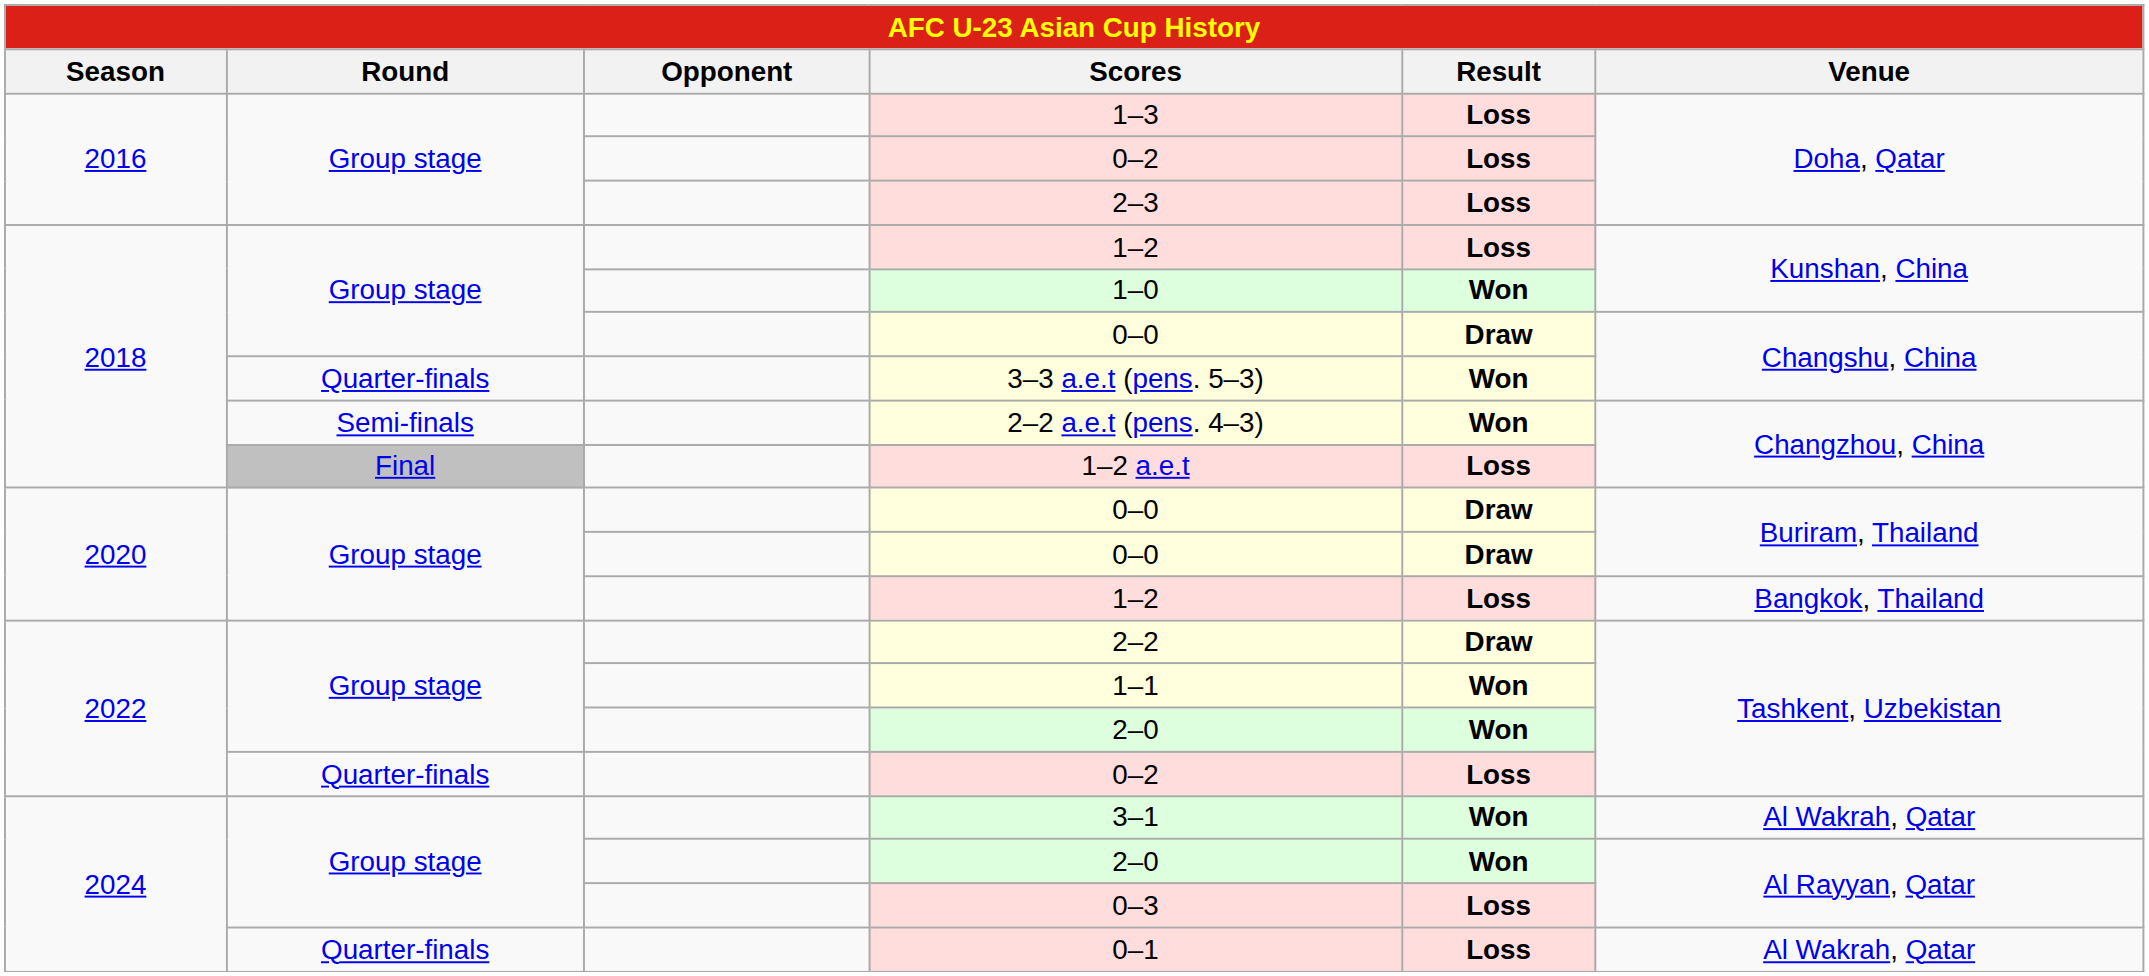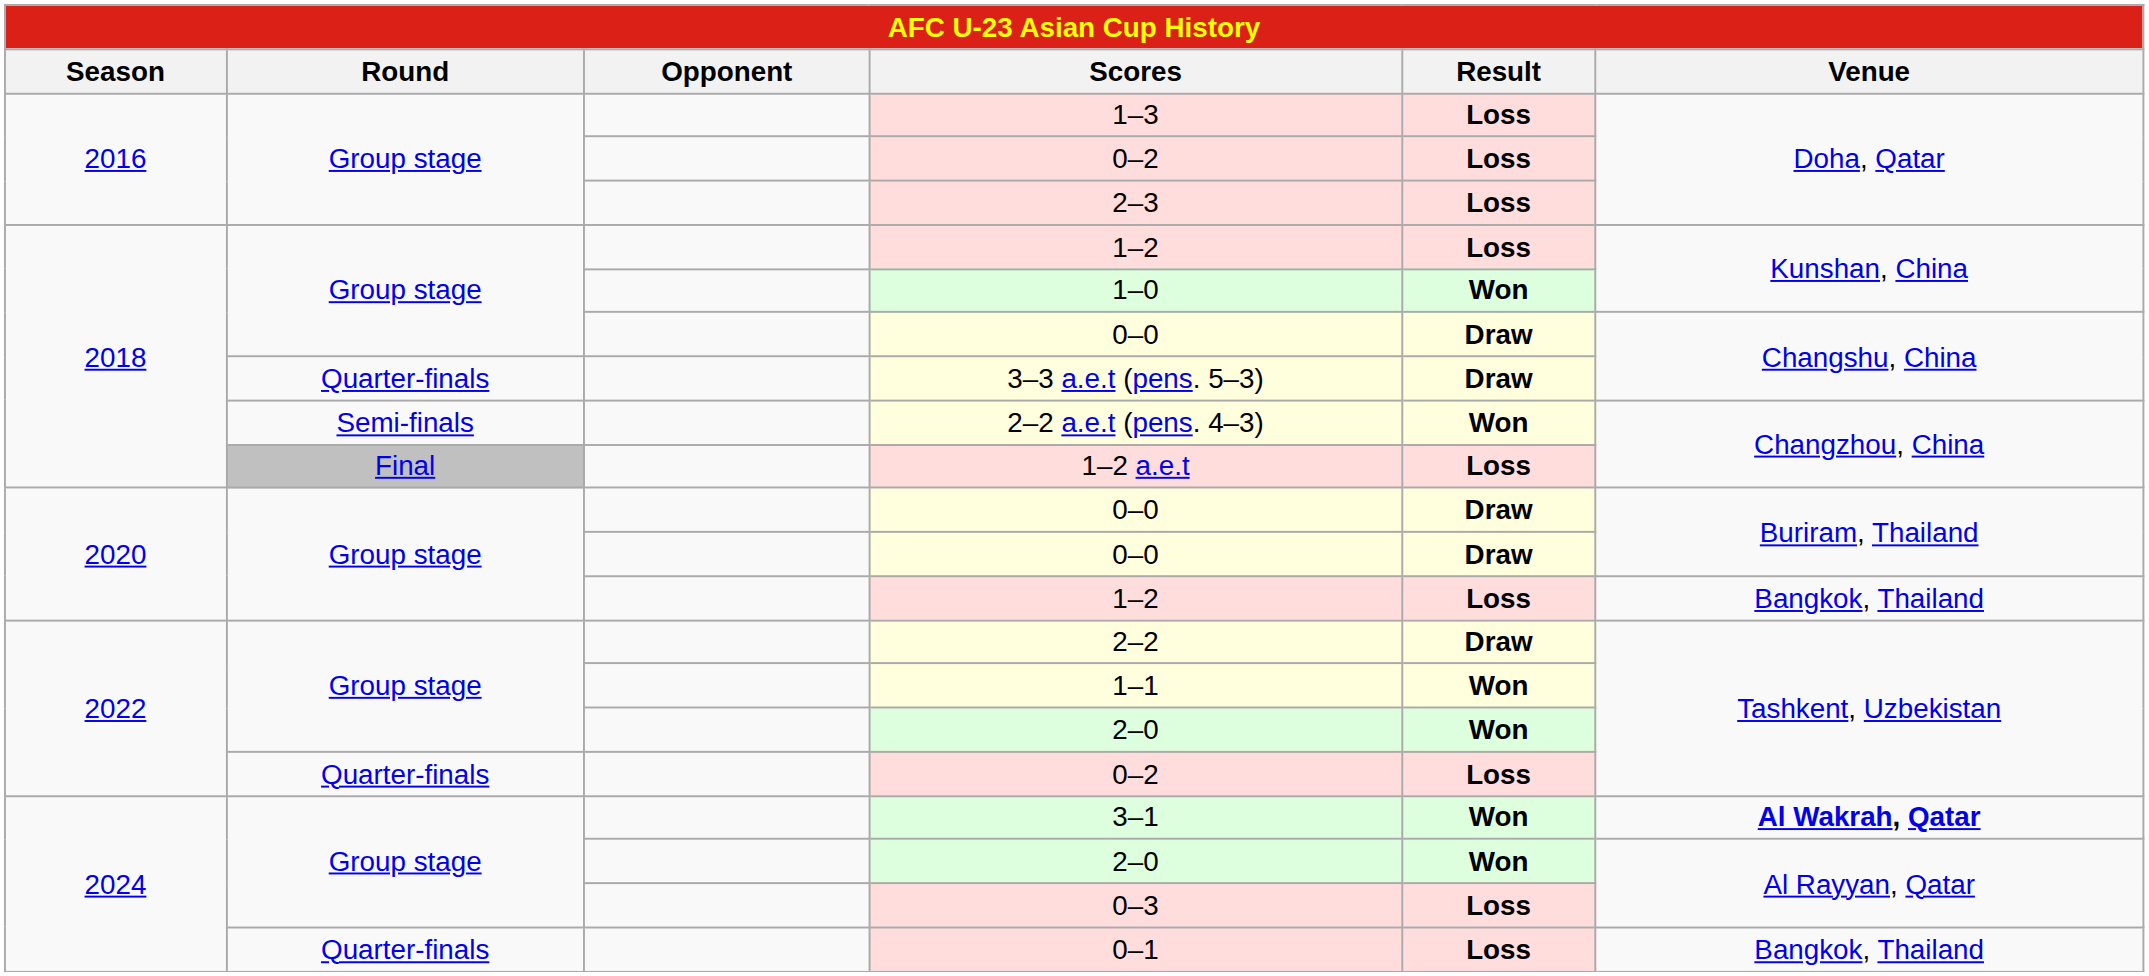 <table class="wikitable collapsible collapsed" style="text-align:center; font-size:90%; width:70%;">
 <tr>
 <th colspan="6" style="background: #DB2017; color: #FFFF00;">AFC U-23 Asian Cup History</th>
 </tr>
 <tr>
 <th>Season</th>
 <th>Round</th>
 <th>Opponent</th>
 <th>Scores</th>
 <th>Result</th>
 <th>Venue</th>
 </tr>
 <tr>
 <td rowspan="3"><a href='#'>2016</a></td>
 <td rowspan="3"><a href='#'>Group stage</a></td>
 <td style="text-align:left"></td>
 <td style="background:#fdd;">1–3</td>
 <td style="background:#fdd;"><strong>Loss</strong></td>
 <td rowspan="3"> <a href='#'>Doha</a>, <a href='#'>Qatar</a></td>
 </tr>
 <tr>
 <td style="text-align:left"></td>
 <td style="background:#fdd;">0–2</td>
 <td style="background:#fdd;"><strong>Loss</strong></td>
 </tr>
 <tr>
 <td style="text-align:left"></td>
 <td style="background:#fdd;">2–3</td>
 <td style="background:#fdd;"><strong>Loss</strong></td>
 </tr>
 <tr>
 <td rowspan="6"><a href='#'>2018</a></td>
 <td rowspan="3"><a href='#'>Group stage</a></td>
 <td style="text-align:left"></td>
 <td style="background:#fdd;">1–2</td>
 <td style="background:#fdd;"><strong>Loss</strong></td>
 <td rowspan="2"> <a href='#'>Kunshan</a>, <a href='#'>China</a></td>
 </tr>
 <tr>
 <td style="text-align:left"></td>
 <td style="background:#dfd;">1–0</td>
 <td style="background:#dfd;"><strong>Won</strong></td>
 </tr>
 <tr>
 <td style="text-align:left"></td>
 <td style="background:#ffd;">0–0</td>
 <td style="background:#ffd;"><strong>Draw</strong></td>
 <td rowspan="2"> <a href='#'>Changshu</a>, <a href='#'>China</a></td>
 </tr>
 <tr>
 <td rowspan="1"><a href='#'>Quarter-finals</a></td>
 <td style="text-align:left"></td>
 <td style="background:#ffd;">3–3 <a href='#'>a.e.t</a> (<a href='#'>pens</a>. 5–3)</td>
-<td style="background:#ffd;"><strong>Won</strong></td>
+<td style="background:#ffd;"><strong>Draw</strong></td>
 </tr>
 <tr>
 <td rowspan="1"><a href='#'>Semi-finals</a></td>
 <td style="text-align:left"></td>
 <td style="background:#ffd;">2–2 <a href='#'>a.e.t</a> (<a href='#'>pens</a>. 4–3)</td>
 <td style="background:#ffd;"><strong>Won</strong></td>
 <td rowspan="2"> <a href='#'>Changzhou</a>, <a href='#'>China</a></td>
 </tr>
 <tr>
 <td rowspan="1" style="background-color:silver;"><a href='#'>Final</a></td>
 <td style="text-align:left"></td>
 <td style="background:#fdd;">1–2 <a href='#'>a.e.t</a></td>
 <td style="background:#fdd;"><strong>Loss</strong></td>
 </tr>
 <tr>
 <td rowspan="3"><a href='#'>2020</a></td>
 <td rowspan="3"><a href='#'>Group stage</a></td>
 <td style="text-align:left"></td>
 <td style="background:#ffd;">0–0</td>
 <td style="background:#ffd;"><strong>Draw</strong></td>
 <td rowspan="2"> <a href='#'>Buriram</a>, <a href='#'>Thailand</a></td>
 </tr>
 <tr>
 <td style="text-align:left"></td>
 <td style="background:#ffd;">0–0</td>
 <td style="background:#ffd;"><strong>Draw</strong></td>
 </tr>
 <tr>
 <td style="text-align:left"></td>
 <td style="background:#fdd;">1–2</td>
 <td style="background:#fdd;"><strong>Loss</strong></td>
 <td rowspan="1"> <a href='#'>Bangkok</a>, <a href='#'>Thailand</a></td>
 </tr>
 <tr>
 <td rowspan="4"><a href='#'>2022</a></td>
 <td rowspan="3"><a href='#'>Group stage</a></td>
 <td style="text-align:left"></td>
 <td style="background:#ffd;">2–2</td>
 <td style="background:#ffd;"><strong>Draw</strong></td>
 <td rowspan="4"> <a href='#'>Tashkent</a>, <a href='#'>Uzbekistan</a></td>
 </tr>
 <tr>
 <td style="text-align:left"></td>
 <td style="background:#ffd;">1–1</td>
 <td style="background:#ffd;"><strong>Won</strong></td>
 </tr>
 <tr>
 <td style="text-align:left"></td>
 <td style="background:#dfd;">2–0</td>
 <td style="background:#dfd;"><strong>Won</strong></td>
 </tr>
 <tr>
 <td rowspan="1"><a href='#'>Quarter-finals</a></td>
 <td style="text-align:left"></td>
 <td style="background:#fdd;">0–2</td>
 <td style="background:#fdd;"><strong>Loss</strong></td>
 </tr>
 <tr>
 <td rowspan="4"><a href='#'>2024</a></td>
 <td rowspan="3"><a href='#'>Group stage</a></td>
 <td style="text-align:left"></td>
 <td style="background:#dfd;">3–1</td>
 <td style="background:#dfd;"><strong>Won</strong></td>
-<td rowspan="1"> <a href='#'>Al Wakrah</a>, <a href='#'>Qatar</a></td>
+<td rowspan="1"><strong> <a href='#'>Al Wakrah</a>, <a href='#'>Qatar</a></strong></td>
 </tr>
 <tr>
 <td style="text-align:left"></td>
 <td style="background:#dfd;">2–0</td>
 <td style="background:#dfd;"><strong>Won</strong></td>
 <td rowspan="2"> <a href='#'>Al Rayyan</a>, <a href='#'>Qatar</a></td>
 </tr>
 <tr>
 <td style="text-align:left"></td>
 <td style="background:#fdd;">0–3</td>
 <td style="background:#fdd;"><strong>Loss</strong></td>
 </tr>
 <tr>
 <td rowspan="1"><a href='#'>Quarter-finals</a></td>
 <td style="text-align:left"></td>
 <td style="background:#fdd;">0–1</td>
 <td style="background:#fdd;"><strong>Loss</strong></td>
-<td rowspan="1"> <a href='#'>Al Wakrah</a>, <a href='#'>Qatar</a></td>
+<td rowspan="1"> <a href='#'>Bangkok</a>, <a href='#'>Thailand</a></td>
 </tr>
 </table>
